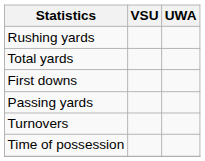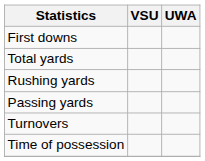 <table class="wikitable" style="float: left;">
 <tr>
 <th>Statistics</th>
 <th>VSU</th>
 <th>UWA</th>
 </tr>
 <tr>
-<td>Rushing yards</td>
+<td>First downs</td>
 <td></td>
 <td></td>
 </tr>
 <tr>
 <td>Total yards</td>
 <td></td>
 <td></td>
 </tr>
 <tr>
-<td>First downs</td>
+<td>Rushing yards</td>
 <td></td>
 <td></td>
 </tr>
 <tr>
 <td>Passing yards</td>
 <td></td>
 <td></td>
 </tr>
 <tr>
 <td>Turnovers</td>
 <td></td>
 <td></td>
 </tr>
 <tr>
 <td>Time of possession</td>
 <td></td>
 <td></td>
 </tr>
 <tr>
 </tr>
 </table>
